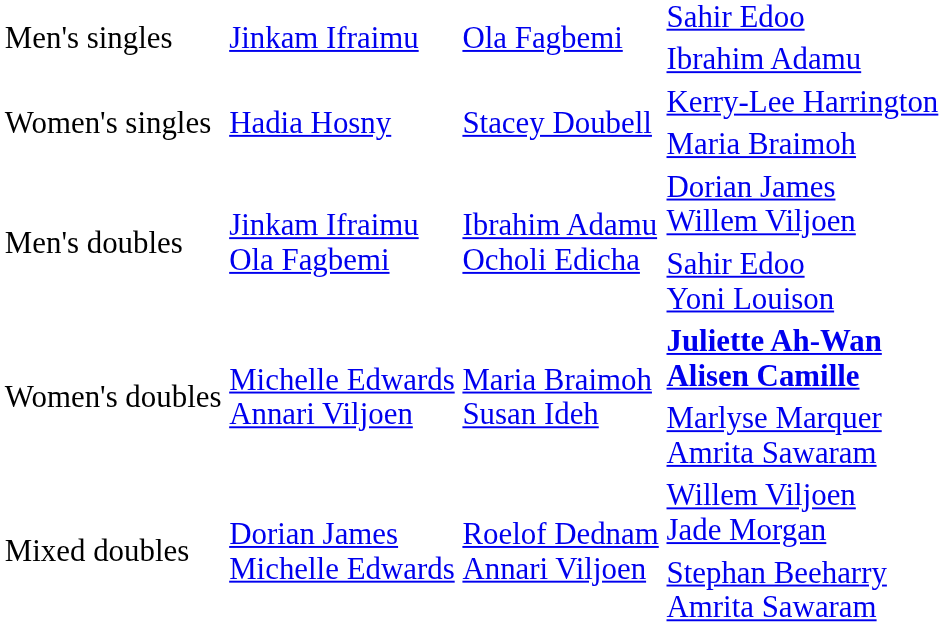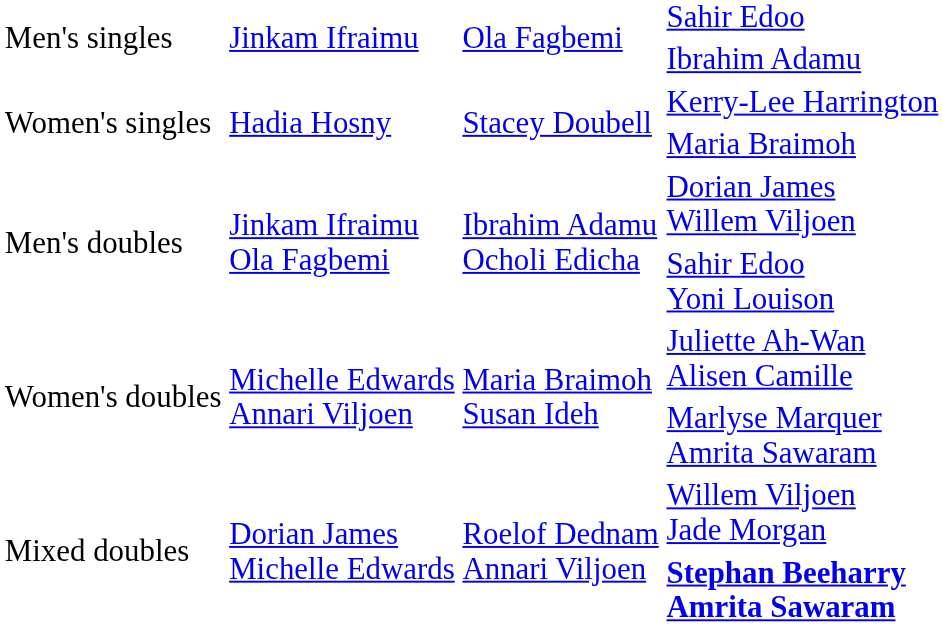 <table>
 <tr>
 <td rowspan=2>Men's singles</td>
 <td rowspan=2> <a href='#'>Jinkam Ifraimu</a></td>
 <td rowspan=2> <a href='#'>Ola Fagbemi</a></td>
 <td> <a href='#'>Sahir Edoo</a></td>
 </tr>
 <tr>
 <td> <a href='#'>Ibrahim Adamu</a></td>
 </tr>
 <tr>
 <td rowspan=2>Women's singles</td>
 <td rowspan=2> <a href='#'>Hadia Hosny</a></td>
 <td rowspan=2> <a href='#'>Stacey Doubell</a></td>
 <td> <a href='#'>Kerry-Lee Harrington</a></td>
 </tr>
 <tr>
 <td> <a href='#'>Maria Braimoh</a></td>
 </tr>
 <tr>
 <td rowspan=2>Men's doubles</td>
 <td rowspan=2> <a href='#'>Jinkam Ifraimu</a><br> <a href='#'>Ola Fagbemi</a></td>
 <td rowspan=2> <a href='#'>Ibrahim Adamu</a><br> <a href='#'>Ocholi Edicha</a></td>
 <td> <a href='#'>Dorian James</a><br> <a href='#'>Willem Viljoen</a></td>
 </tr>
 <tr>
 <td> <a href='#'>Sahir Edoo</a><br> <a href='#'>Yoni Louison</a></td>
 </tr>
 <tr>
 <td rowspan=2>Women's doubles</td>
 <td rowspan=2> <a href='#'>Michelle Edwards</a><br> <a href='#'>Annari Viljoen</a></td>
 <td rowspan=2> <a href='#'>Maria Braimoh</a><br> <a href='#'>Susan Ideh</a></td>
-<td><strong> <a href='#'>Juliette Ah-Wan</a><br> <a href='#'>Alisen Camille</a></strong></td>
+<td> <a href='#'>Juliette Ah-Wan</a><br> <a href='#'>Alisen Camille</a></td>
 </tr>
 <tr>
 <td> <a href='#'>Marlyse Marquer</a><br> <a href='#'>Amrita Sawaram</a></td>
 </tr>
 <tr>
 <td rowspan=2>Mixed doubles</td>
 <td rowspan=2> <a href='#'>Dorian James</a><br> <a href='#'>Michelle Edwards</a></td>
 <td rowspan=2> <a href='#'>Roelof Dednam</a><br> <a href='#'>Annari Viljoen</a></td>
 <td> <a href='#'>Willem Viljoen</a><br> <a href='#'>Jade Morgan</a></td>
 </tr>
 <tr>
-<td> <a href='#'>Stephan Beeharry</a><br> <a href='#'>Amrita Sawaram</a></td>
+<td><strong> <a href='#'>Stephan Beeharry</a><br> <a href='#'>Amrita Sawaram</a></strong></td>
 </tr>
 </table>
